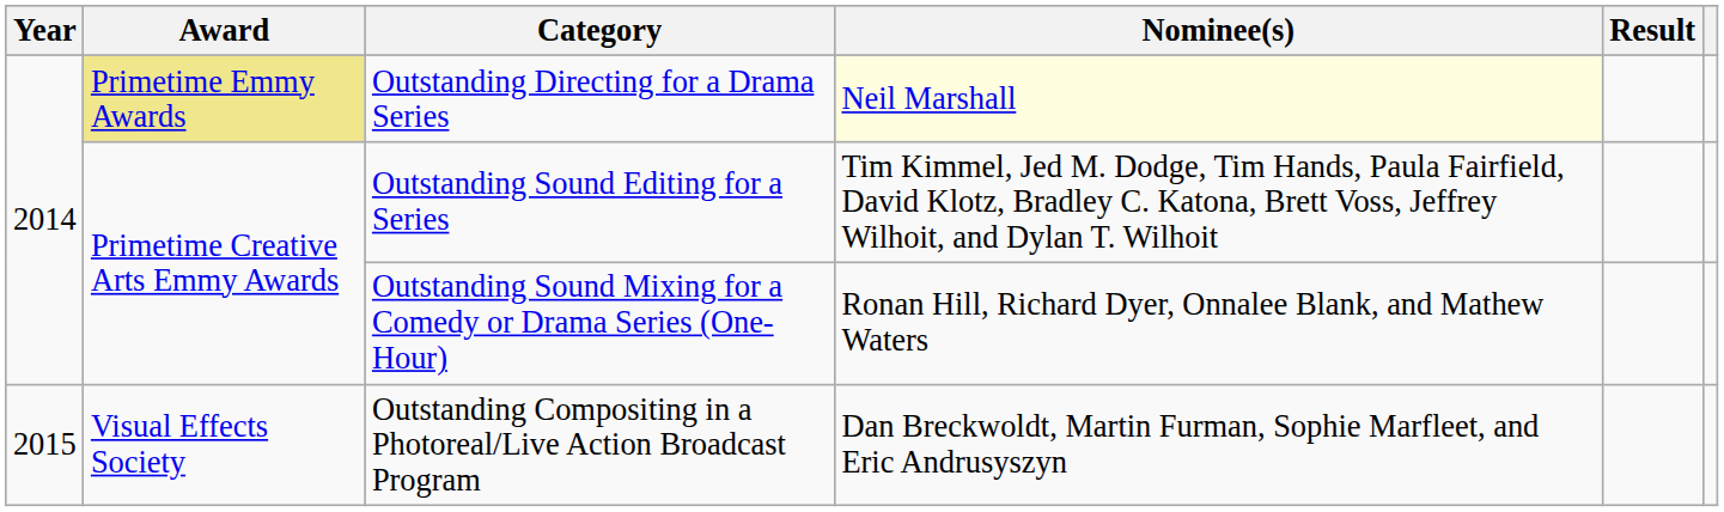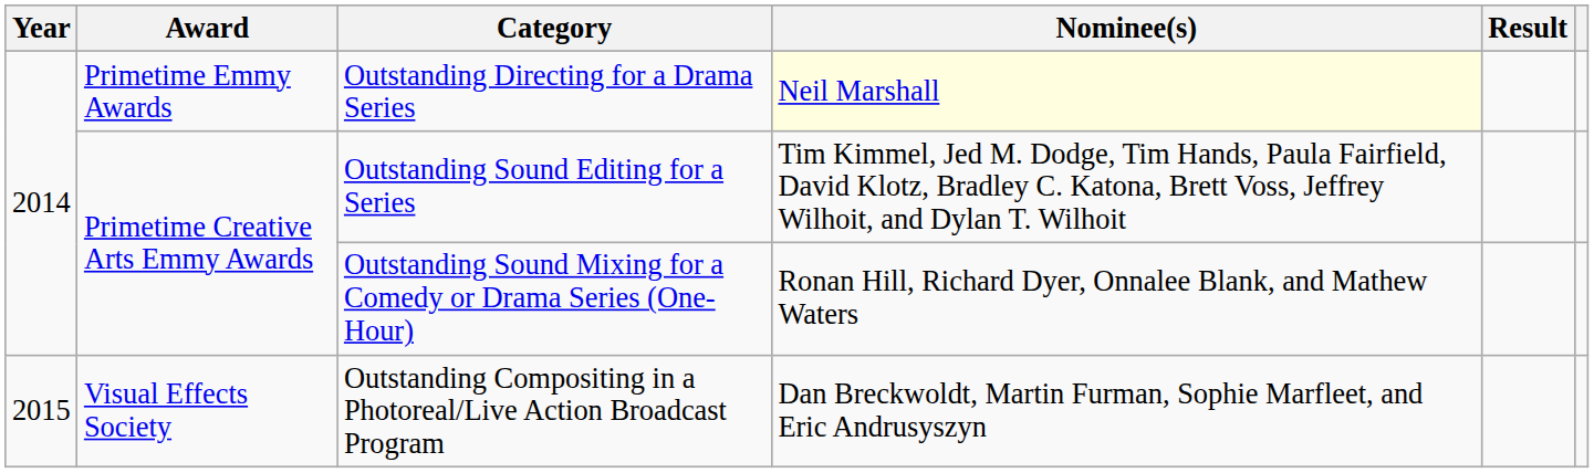 <table class="wikitable sortable plainrowheaders">
 <tr>
 <th>Year</th>
 <th>Award</th>
 <th>Category</th>
 <th>Nominee(s)</th>
 <th>Result</th>
 <th class="unsortable"></th>
 </tr>
 <tr>
 <td rowspan="3">2014</td>
-<td scope="row" style="background: khaki;"><a href='#'>Primetime Emmy Awards</a></td>
+<td scope="row"><a href='#'>Primetime Emmy Awards</a></td>
 <td scope="row"><a href='#'>Outstanding Directing for a Drama Series</a></td>
 <td scope="row" style="background: lightyellow;"><a href='#'>Neil Marshall</a></td>
 <td></td>
 <td style="text-align:center;"></td>
 </tr>
 <tr>
 <td scope="row" rowspan="2"><a href='#'>Primetime Creative Arts Emmy Awards</a></td>
 <td scope="row"><a href='#'>Outstanding Sound Editing for a Series</a></td>
 <td scope="row">Tim Kimmel, Jed M. Dodge, Tim Hands, Paula Fairfield, David Klotz, Bradley C. Katona, Brett Voss, Jeffrey Wilhoit, and Dylan T. Wilhoit</td>
 <td></td>
 <td style="text-align:center;"></td>
 </tr>
 <tr>
 <td scope="row"><a href='#'>Outstanding Sound Mixing for a Comedy or Drama Series (One-Hour)</a></td>
 <td scope="row">Ronan Hill, Richard Dyer, Onnalee Blank, and Mathew Waters</td>
 <td></td>
 <td style="text-align:center;"></td>
 </tr>
 <tr>
 <td>2015</td>
 <td scope="row"><a href='#'>Visual Effects Society</a></td>
 <td scope="row">Outstanding Compositing in a Photoreal/Live Action Broadcast Program</td>
 <td scope="row">Dan Breckwoldt, Martin Furman, Sophie Marfleet, and Eric Andrusyszyn</td>
 <td></td>
 <td style="text-align:center;"></td>
 </tr>
 </table>
